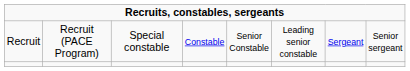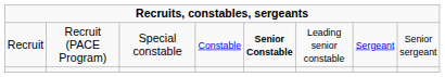 <table class="wikitable" style="text-align: center;">
 <tr>
 <td colspan="8"><strong>Recruits, constables, sergeants</strong></td>
 </tr>
 <tr>
 <td>Recruit</td>
 <td>Recruit <br>(PACE Program)</td>
 <td>Special constable</td>
 <td><small><a href='#'>Constable</a></small></td>
-<td><small>Senior<br> Constable</small></td>
+<td><strong><small>Senior<br> Constable</small></strong></td>
 <td><small>Leading senior<br> constable</small></td>
 <td><small><a href='#'>Sergeant</a></small></td>
 <td><small>Senior<br>sergeant</small></td>
 </tr>
 <tr>
 <td></td>
 <td></td>
 <td></td>
 <td></td>
 <td> </td>
 <td></td>
 <td> </td>
 <td> </td>
 </tr>
 </table>
